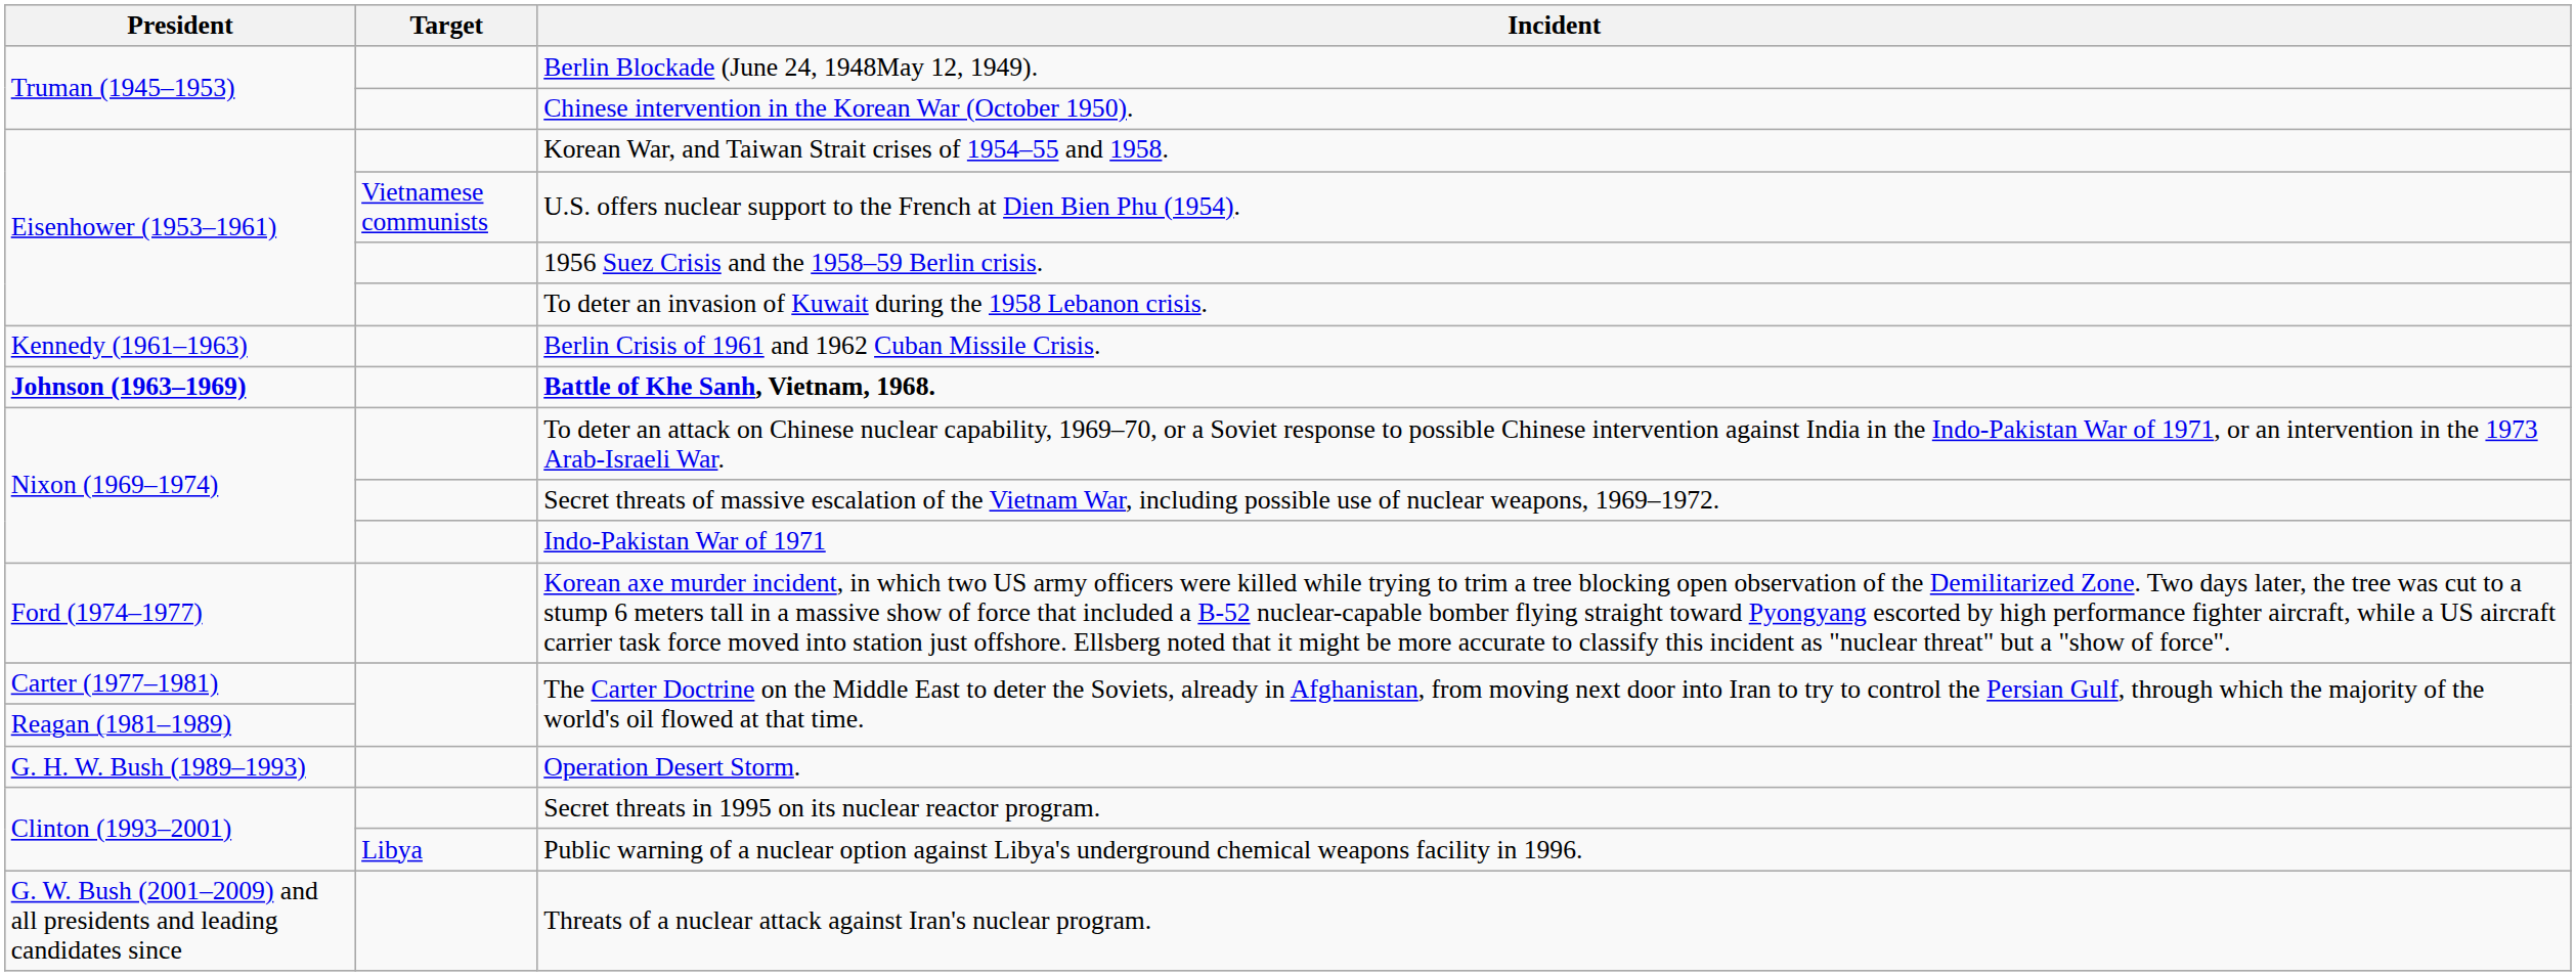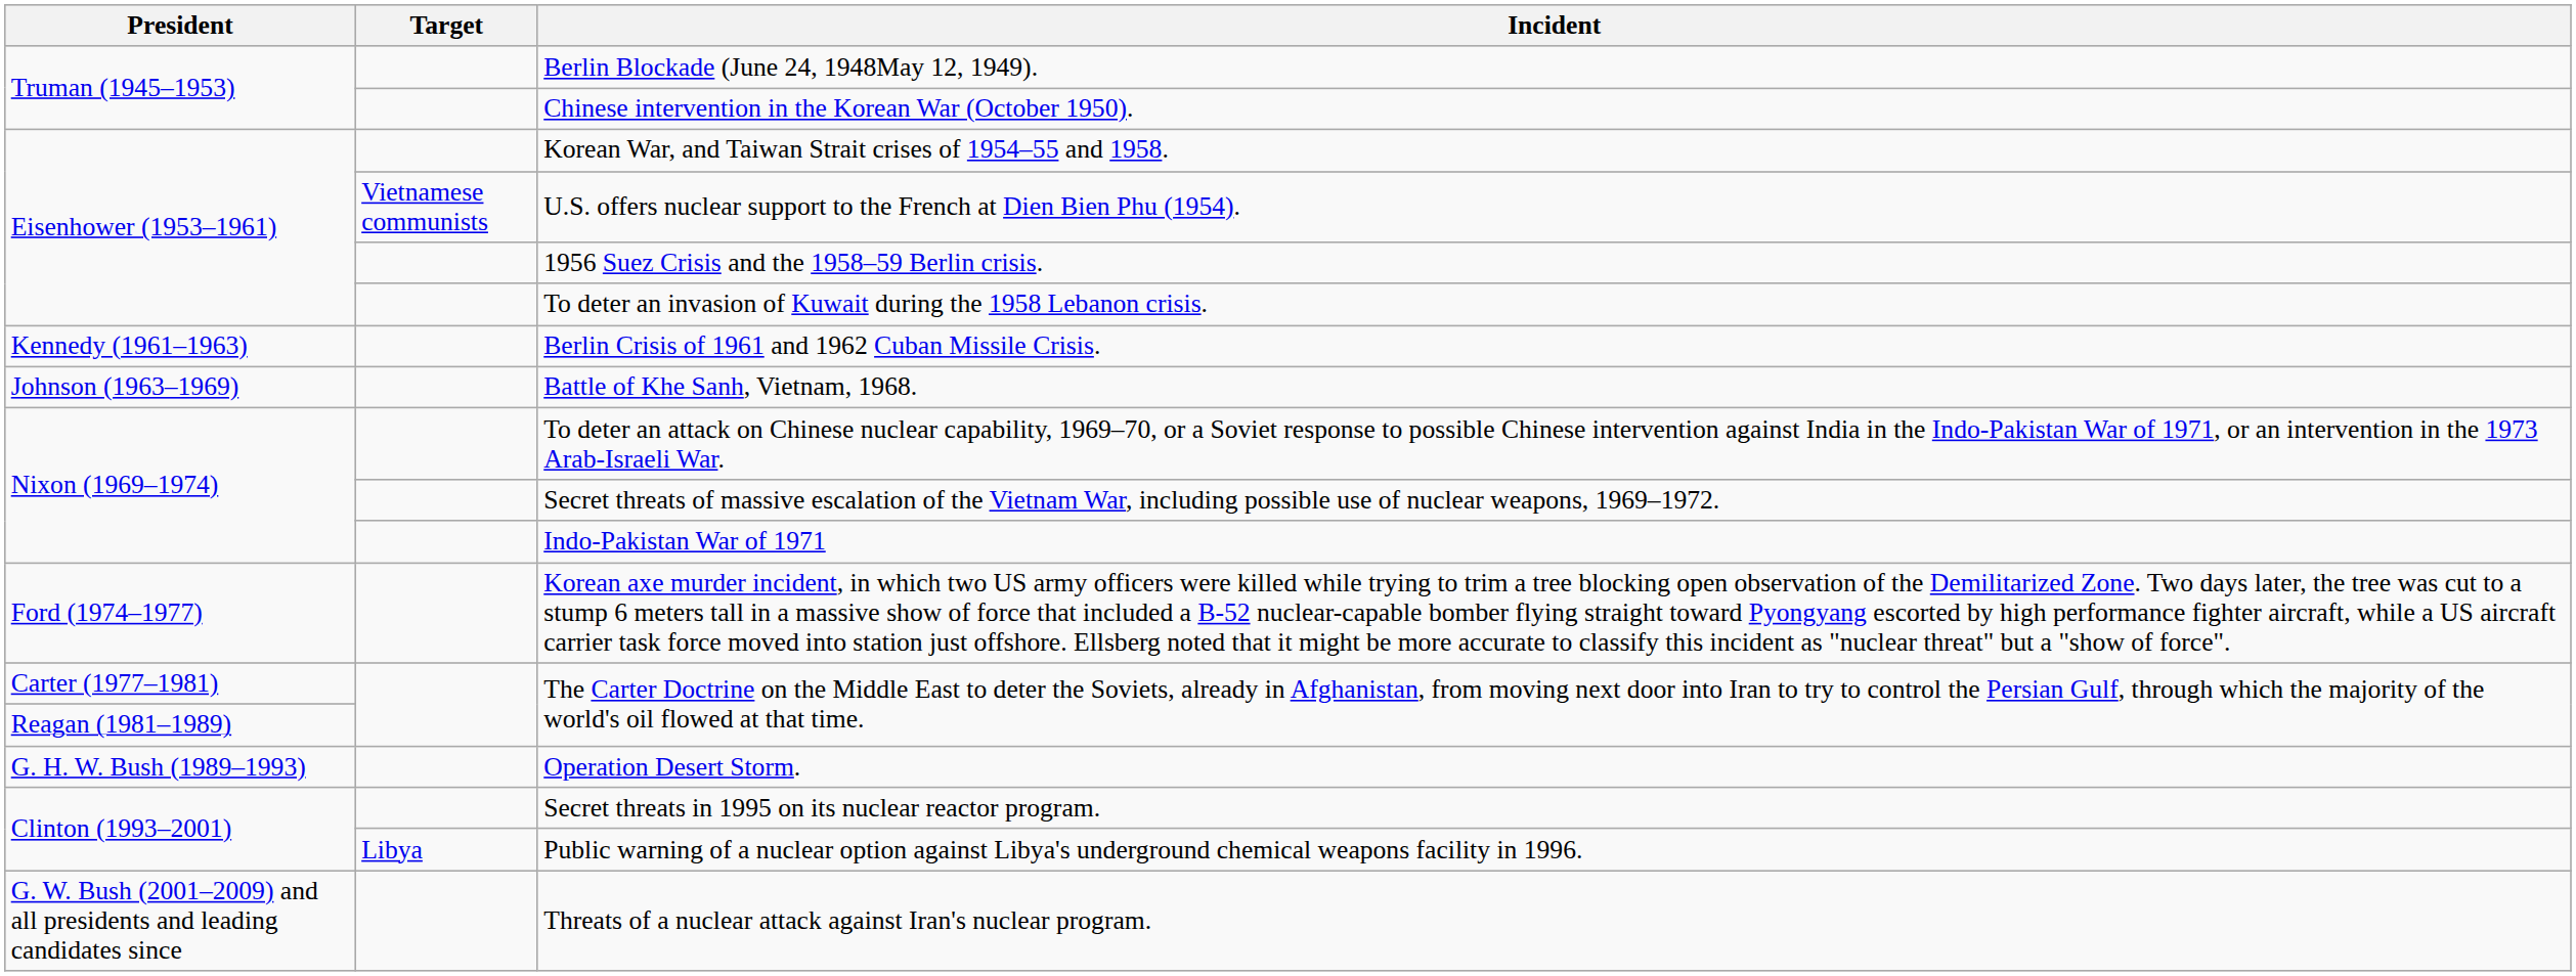 <table class="wikitable">
 <tr>
 <th>President</th>
 <th>Target</th>
 <th>Incident</th>
 </tr>
 <tr>
 <td rowspan="2"><a href='#'>Truman (1945–1953)</a></td>
 <td></td>
 <td><a href='#'>Berlin Blockade</a> (June 24, 1948May 12, 1949).</td>
 </tr>
 <tr>
 <td></td>
 <td><a href='#'>Chinese intervention in the Korean War (October 1950)</a>.</td>
 </tr>
 <tr>
 <td rowspan="4"><a href='#'>Eisenhower (1953–1961)</a></td>
 <td></td>
 <td>Korean War, and Taiwan Strait crises of <a href='#'>1954–55</a> and <a href='#'>1958</a>.</td>
 </tr>
 <tr>
 <td> <a href='#'>Vietnamese communists</a></td>
 <td>U.S. offers nuclear support to the French at <a href='#'>Dien Bien Phu (1954)</a>.</td>
 </tr>
 <tr>
 <td></td>
 <td>1956 <a href='#'>Suez Crisis</a> and the <a href='#'>1958–59 Berlin crisis</a>.</td>
 </tr>
 <tr>
 <td></td>
 <td>To deter an invasion of <a href='#'>Kuwait</a> during the <a href='#'>1958 Lebanon crisis</a>.</td>
 </tr>
 <tr>
 <td><a href='#'>Kennedy (1961–1963)</a></td>
 <td></td>
 <td><a href='#'>Berlin Crisis of 1961</a> and 1962 <a href='#'>Cuban Missile Crisis</a>.</td>
 </tr>
 <tr>
-<td><strong><a href='#'>Johnson (1963–1969)</a></strong></td>
+<td><a href='#'>Johnson (1963–1969)</a></td>
 <td></td>
-<td><strong><a href='#'>Battle of Khe Sanh</a>, Vietnam, 1968.</strong></td>
+<td><a href='#'>Battle of Khe Sanh</a>, Vietnam, 1968.</td>
 </tr>
 <tr>
 <td rowspan="3"><a href='#'>Nixon (1969–1974)</a></td>
 <td></td>
 <td>To deter an attack on Chinese nuclear capability, 1969–70, or a Soviet response to possible Chinese intervention against India in the <a href='#'>Indo-Pakistan War of 1971</a>, or an intervention in the <a href='#'>1973 Arab-Israeli War</a>.</td>
 </tr>
 <tr>
 <td></td>
 <td>Secret threats of massive escalation of the <a href='#'>Vietnam War</a>, including possible use of nuclear weapons, 1969–1972.</td>
 </tr>
 <tr>
 <td></td>
 <td><a href='#'>Indo-Pakistan War of 1971</a></td>
 </tr>
 <tr>
 <td><a href='#'>Ford (1974–1977)</a></td>
 <td></td>
 <td><a href='#'>Korean axe murder incident</a>, in which two US army officers were killed while trying to trim a tree blocking open observation of the <a href='#'>Demilitarized Zone</a>.  Two days later, the tree was cut to a stump 6 meters tall in a massive show of force that included a <a href='#'>B-52</a> nuclear-capable bomber flying straight toward <a href='#'>Pyongyang</a> escorted by high performance fighter aircraft, while a US aircraft carrier task force moved into station just offshore.  Ellsberg noted that it might be more accurate to classify this incident  as  "nuclear threat" but a "show of force".</td>
 </tr>
 <tr>
 <td><a href='#'>Carter (1977–1981)</a></td>
 <td rowspan="2"></td>
 <td rowspan="2">The <a href='#'>Carter Doctrine</a> on the Middle East to deter the Soviets, already in <a href='#'>Afghanistan</a>, from moving next door into Iran to try to control the <a href='#'>Persian Gulf</a>, through which the majority of the world's oil flowed at that time.</td>
 </tr>
 <tr>
 <td><a href='#'>Reagan (1981–1989)</a></td>
 </tr>
 <tr>
 <td><a href='#'>G. H. W. Bush (1989–1993)</a></td>
 <td></td>
 <td><a href='#'>Operation Desert Storm</a>.</td>
 </tr>
 <tr>
 <td rowspan="2"><a href='#'>Clinton (1993–2001)</a></td>
 <td></td>
 <td>Secret threats in 1995 on its nuclear reactor program.</td>
 </tr>
 <tr>
 <td> <a href='#'>Libya</a></td>
 <td>Public warning of a nuclear option against Libya's underground chemical weapons facility in 1996.</td>
 </tr>
 <tr>
 <td><a href='#'>G. W. Bush (2001–2009)</a> and all presidents and leading candidates since</td>
 <td></td>
 <td>Threats of a nuclear attack against Iran's nuclear program.</td>
 </tr>
 </table>
